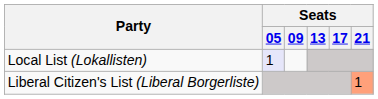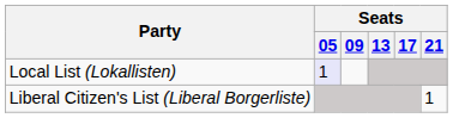 <table class="wikitable">
 <tr>
 <th rowspan=2>Party</th>
 <th colspan=11>Seats</th>
 </tr>
 <tr>
 <th><a href='#'>05</a></th>
 <th><a href='#'>09</a></th>
 <th><a href='#'>13</a></th>
 <th><a href='#'>17</a></th>
 <th><a href='#'>21</a></th>
 </tr>
 <tr>
 <td>Local List <em>(Lokallisten)</em></td>
 <td style="background: lavender;">1</td>
 <td></td>
 <td style="background:#CDC9C9;" colspan=3></td>
 </tr>
 <tr>
 <td>Liberal Citizen's List <em>(Liberal Borgerliste)</em></td>
 <td style="background:#CDC9C9;" colspan=4></td>
-<td style="background: lightsalmon;">1</td>
+<td>1</td>
 </tr>
 </table>
